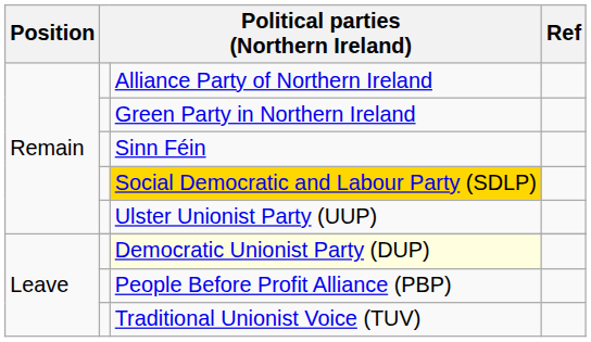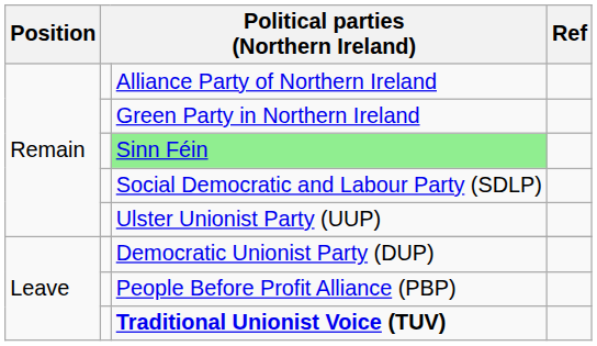 <table class="wikitable">
 <tr>
 <th>Position</th>
 <th colspan=2>Political parties<br>(Northern Ireland)</th>
 <th>Ref</th>
 </tr>
 <tr>
 <td rowspan="5">Remain</td>
 <td style="background-color: "></td>
 <td><a href='#'>Alliance Party of Northern Ireland</a></td>
 <td></td>
 </tr>
 <tr>
 <td style="background-color: "></td>
 <td><a href='#'>Green Party in Northern Ireland</a></td>
 <td></td>
 </tr>
 <tr>
 <td style="background-color: "></td>
-<td><a href='#'>Sinn Féin</a></td>
+<td style="background: lightgreen;"><a href='#'>Sinn Féin</a></td>
 <td></td>
 </tr>
 <tr>
 <td style="background-color: "></td>
-<td style="background: gold;"><a href='#'>Social Democratic and Labour Party</a> (SDLP)</td>
+<td><a href='#'>Social Democratic and Labour Party</a> (SDLP)</td>
 <td></td>
 </tr>
 <tr>
 <td style="background-color: "></td>
 <td><a href='#'>Ulster Unionist Party</a> (UUP)</td>
 <td></td>
 </tr>
 <tr>
 <td rowspan="4">Leave</td>
 </tr>
 <tr>
 <td style="background-color: "></td>
-<td style="background: lightyellow;"><a href='#'>Democratic Unionist Party</a> (DUP)</td>
+<td><a href='#'>Democratic Unionist Party</a> (DUP)</td>
 <td></td>
 </tr>
 <tr>
 <td style="background-color: "></td>
 <td><a href='#'>People Before Profit Alliance</a> (PBP)</td>
 <td></td>
 </tr>
 <tr>
 <td style="background-color: "></td>
-<td><a href='#'>Traditional Unionist Voice</a> (TUV)</td>
+<td><strong><a href='#'>Traditional Unionist Voice</a> (TUV)</strong></td>
 <td></td>
 </tr>
 </table>
